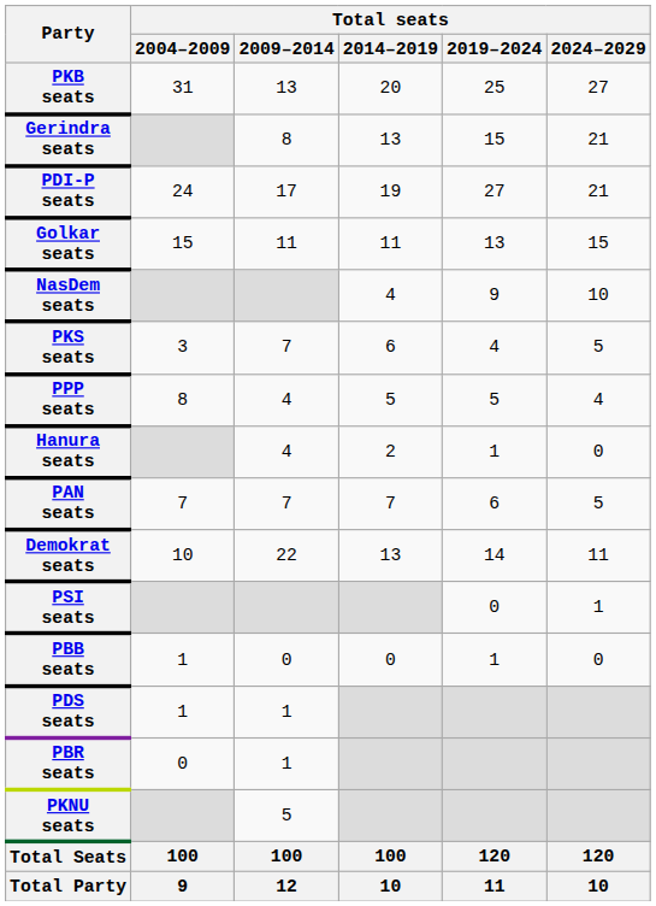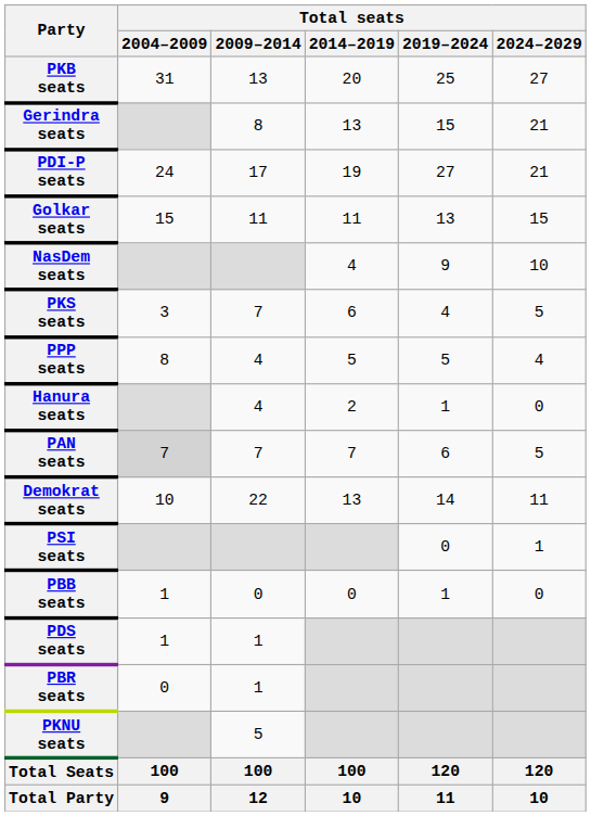 <table class="wikitable">
 <tr>
 <th rowspan="2">Party</th>
 <th colspan="5">Total seats</th>
 </tr>
 <tr>
 <th>2004–2009</th>
 <th>2009–2014</th>
 <th>2014–2019</th>
 <th>2019–2024</th>
 <th>2024–2029</th>
 </tr>
 <tr>
 <th style="border-bottom:3px solid "><a href='#'>PKB</a><br>seats</th>
 <td style="text-align:center">31</td>
 <td style="text-align:center"> 13</td>
 <td style="text-align:center"> 20</td>
 <td style="text-align:center"> 25</td>
 <td style="text-align:center"> 27</td>
 </tr>
 <tr>
 <th style="border-bottom:3px solid "><a href='#'>Gerindra</a><br>seats</th>
 <td style="text-align:center; background:#DCDCDC"></td>
 <td style="text-align:center"> 8</td>
 <td style="text-align:center"> 13</td>
 <td style="text-align:center"> 15</td>
 <td style="text-align:center"> 21</td>
 </tr>
 <tr>
 <th style="border-bottom:3px solid "><a href='#'>PDI-P</a><br>seats</th>
 <td style="text-align:center">24</td>
 <td style="text-align:center"> 17</td>
 <td style="text-align:center"> 19</td>
 <td style="text-align:center"> 27</td>
 <td style="text-align:center"> 21</td>
 </tr>
 <tr>
 <th style="border-bottom:3px solid "><a href='#'>Golkar</a><br>seats</th>
 <td style="text-align:center">15</td>
 <td style="text-align:center"> 11</td>
 <td style="text-align:center"> 11</td>
 <td style="text-align:center"> 13</td>
 <td style="text-align:center"> 15</td>
 </tr>
 <tr>
 <th style="border-bottom:3px solid "><a href='#'>NasDem</a><br>seats</th>
 <td style="text-align:center; background:#DCDCDC"></td>
 <td style="text-align:center; background:#DCDCDC"></td>
 <td style="text-align:center"> 4</td>
 <td style="text-align:center"> 9</td>
 <td style="text-align:center"> 10</td>
 </tr>
 <tr>
 <th style="border-bottom:3px solid "><a href='#'>PKS</a><br>seats</th>
 <td style="text-align:center">3</td>
 <td style="text-align:center"> 7</td>
 <td style="text-align:center"> 6</td>
 <td style="text-align:center"> 4</td>
 <td style="text-align:center"> 5</td>
 </tr>
 <tr>
 <th style="border-bottom:3px solid "><a href='#'>PPP</a><br>seats</th>
 <td style="text-align:center">8</td>
 <td style="text-align:center"> 4</td>
 <td style="text-align:center"> 5</td>
 <td style="text-align:center"> 5</td>
 <td style="text-align:center"> 4</td>
 </tr>
 <tr>
 <th style="border-bottom:3px solid "><a href='#'>Hanura</a><br>seats</th>
 <td style="text-align:center; background:#DCDCDC"></td>
 <td style="text-align:center"> 4</td>
 <td style="text-align:center"> 2</td>
 <td style="text-align:center"> 1</td>
 <td style="text-align:center"> 0</td>
 </tr>
 <tr>
 <th style="border-bottom:3px solid "><a href='#'>PAN</a><br>seats</th>
-<td style="text-align:center">7</td>
+<td style="background: lightgrey; text-align:center">7</td>
 <td style="text-align:center"> 7</td>
 <td style="text-align:center"> 7</td>
 <td style="text-align:center"> 6</td>
 <td style="text-align:center"> 5</td>
 </tr>
 <tr>
 <th style="border-bottom:3px solid "><a href='#'>Demokrat</a><br>seats</th>
 <td style="text-align:center">10</td>
 <td style="text-align:center"> 22</td>
 <td style="text-align:center"> 13</td>
 <td style="text-align:center"> 14</td>
 <td style="text-align:center"> 11</td>
 </tr>
 <tr>
 <th style="border-bottom:3px solid "><a href='#'>PSI</a><br>seats</th>
 <td style="text-align:center; background:#DCDCDC"></td>
 <td style="text-align:center; background:#DCDCDC"></td>
 <td style="text-align:center; background:#DCDCDC"></td>
 <td style="text-align:center">  0</td>
 <td style="text-align:center"> 1</td>
 </tr>
 <tr>
 <th style="border-bottom:3px solid "><a href='#'>PBB</a><br>seats</th>
 <td style="text-align:center">1</td>
 <td style="text-align:center"> 0</td>
 <td style="text-align:center"> 0</td>
 <td style="text-align:center"> 1</td>
 <td style="text-align:center"> 0</td>
 </tr>
 <tr>
 <th style="border-bottom:3px solid #801fa0;"><a href='#'>PDS</a><br>seats</th>
 <td style="text-align:center">1</td>
 <td style="text-align:center"> 1</td>
 <td style="text-align:center; background:#DCDCDC"></td>
 <td style="text-align:center; background:#DCDCDC"></td>
 <td style="text-align:center; background:#DCDCDC"></td>
 </tr>
 <tr>
 <th style="border-bottom:3px solid #bbd800;"><a href='#'>PBR</a><br>seats</th>
 <td style="text-align:center">0</td>
 <td style="text-align:center"> 1</td>
 <td style="text-align:center; background:#DCDCDC"></td>
 <td style="text-align:center; background:#DCDCDC"></td>
 <td style="text-align:center; background:#DCDCDC"></td>
 </tr>
 <tr>
 <th style="border-bottom:3px solid #00622b;"><a href='#'>PKNU</a><br>seats</th>
 <td style="text-align:center; background:#DCDCDC"></td>
 <td style="text-align:center"> 5</td>
 <td style="text-align:center; background:#DCDCDC"></td>
 <td style="text-align:center; background:#DCDCDC"></td>
 <td style="text-align:center; background:#DCDCDC"></td>
 </tr>
 <tr>
 <th style="text-align:left">Total Seats</th>
 <th>100</th>
 <th> 100</th>
 <th> 100</th>
 <th> 120</th>
 <th> 120</th>
 </tr>
 <tr>
 <th style="text-align:left">Total Party</th>
 <th>9</th>
 <th> 12</th>
 <th> 10</th>
 <th> 11</th>
 <th> 10</th>
 </tr>
 </table>
